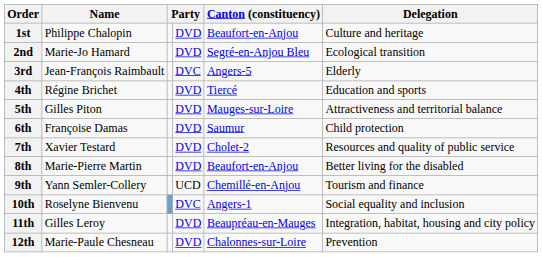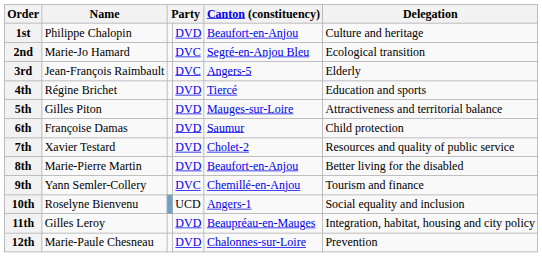 <table class="wikitable sortable">
 <tr>
 <th>Order</th>
 <th>Name</th>
 <th colspan="2">Party</th>
 <th><a href='#'>Canton</a> (constituency)</th>
 <th>Delegation</th>
 </tr>
 <tr>
 <th>1st</th>
 <td>Philippe Chalopin</td>
 <td style="color:inherit;background:"></td>
 <td><a href='#'>DVD</a></td>
 <td><a href='#'>Beaufort-en-Anjou</a></td>
 <td>Culture and heritage</td>
 </tr>
 <tr>
 <th>2nd</th>
 <td>Marie-Jo Hamard</td>
 <td style="color:inherit;background:"></td>
-<td><a href='#'>DVD</a></td>
+<td><a href='#'>DVC</a></td>
 <td><a href='#'>Segré-en-Anjou Bleu</a></td>
 <td>Ecological transition</td>
 </tr>
 <tr>
 <th>3rd</th>
 <td>Jean-François Raimbault</td>
 <td style="color:inherit;background:"></td>
 <td><a href='#'>DVC</a></td>
 <td><a href='#'>Angers-5</a></td>
 <td>Elderly</td>
 </tr>
 <tr>
 <th>4th</th>
 <td>Régine Brichet</td>
 <td style="color:inherit;background:"></td>
 <td><a href='#'>DVD</a></td>
 <td><a href='#'>Tiercé</a></td>
 <td>Education and sports</td>
 </tr>
 <tr>
 <th>5th</th>
 <td>Gilles Piton</td>
 <td style="color:inherit;background:"></td>
 <td><a href='#'>DVD</a></td>
 <td><a href='#'>Mauges-sur-Loire</a></td>
 <td>Attractiveness and territorial balance</td>
 </tr>
 <tr>
 <th>6th</th>
 <td>Françoise Damas</td>
 <td style="color:inherit;background:"></td>
 <td><a href='#'>DVD</a></td>
 <td><a href='#'>Saumur</a></td>
 <td>Child protection</td>
 </tr>
 <tr>
 <th>7th</th>
 <td>Xavier Testard</td>
 <td style="color:inherit;background:"></td>
 <td><a href='#'>DVD</a></td>
 <td><a href='#'>Cholet-2</a></td>
 <td>Resources and quality of public service</td>
 </tr>
 <tr>
 <th>8th</th>
 <td>Marie-Pierre Martin</td>
 <td style="color:inherit;background:"></td>
 <td><a href='#'>DVD</a></td>
 <td><a href='#'>Beaufort-en-Anjou</a></td>
 <td>Better living for the disabled</td>
 </tr>
 <tr>
 <th>9th</th>
 <td>Yann Semler-Collery</td>
 <td style="color:inherit;background:"></td>
-<td>UCD</td>
+<td><a href='#'>DVC</a></td>
 <td><a href='#'>Chemillé-en-Anjou</a></td>
 <td>Tourism and finance</td>
 </tr>
 <tr>
 <th>10th</th>
 <td>Roselyne Bienvenu</td>
 <td style="color:inherit;background:#72A0C1"></td>
-<td><a href='#'>DVC</a></td>
+<td>UCD</td>
 <td><a href='#'>Angers-1</a></td>
 <td>Social equality and inclusion</td>
 </tr>
 <tr>
 <th>11th</th>
 <td>Gilles Leroy</td>
 <td style="color:inherit;background:"></td>
 <td><a href='#'>DVD</a></td>
 <td><a href='#'>Beaupréau-en-Mauges</a></td>
 <td>Integration, habitat, housing and city policy</td>
 </tr>
 <tr>
 <th>12th</th>
 <td>Marie-Paule Chesneau</td>
 <td style="color:inherit;background:"></td>
 <td><a href='#'>DVD</a></td>
 <td><a href='#'>Chalonnes-sur-Loire</a></td>
 <td>Prevention</td>
 </tr>
 </table>
